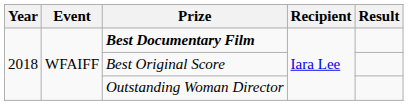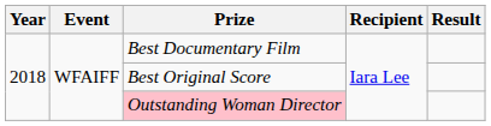 <table class="wikitable">
 <tr>
 <th>Year</th>
 <th>Event</th>
 <th>Prize</th>
 <th>Recipient</th>
 <th>Result</th>
 </tr>
 <tr>
 <td rowspan=3>2018</td>
 <td rowspan=3>WFAIFF</td>
-<td><strong><em>Best Documentary Film</em></strong></td>
+<td><em>Best Documentary Film</em></td>
 <td rowspan=3><a href='#'>Iara Lee</a></td>
 <td></td>
 </tr>
 <tr>
 <td><em>Best Original Score</em></td>
 <td></td>
 </tr>
 <tr>
-<td><em>Outstanding Woman Director</em></td>
+<td style="background: pink;"><em>Outstanding Woman Director</em></td>
 <td></td>
 </tr>
 </table>
